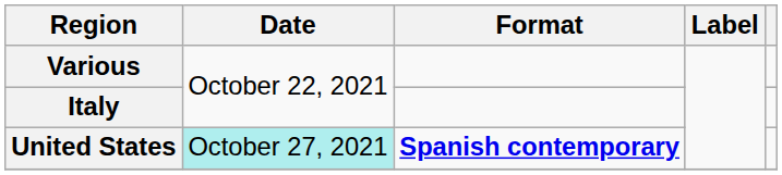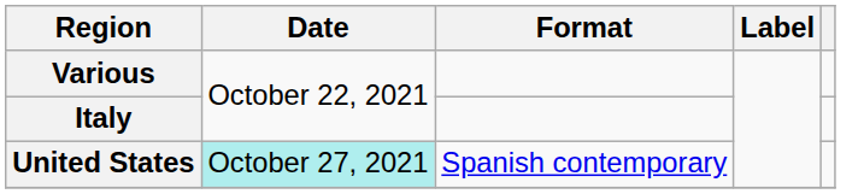 <table class="wikitable sortable plainrowheaders">
 <tr>
 <th scope="col">Region</th>
 <th scope="col">Date</th>
 <th scope="col">Format</th>
 <th scope="col">Label</th>
 <th scope="col"></th>
 </tr>
 <tr>
 <th scope="row">Various</th>
 <td rowspan="2">October 22, 2021</td>
 <td></td>
 <td rowspan="3"></td>
 <td align="center"></td>
 </tr>
 <tr>
 <th scope="row">Italy</th>
 <td></td>
 <td align="center"></td>
 </tr>
 <tr>
 <th scope="row">United States</th>
 <td style="background: paleturquoise;">October 27, 2021</td>
-<td><strong><a href='#'>Spanish contemporary</a></strong></td>
+<td><a href='#'>Spanish contemporary</a></td>
 <td align="center"></td>
 </tr>
 <tr>
 </tr>
 </table>
